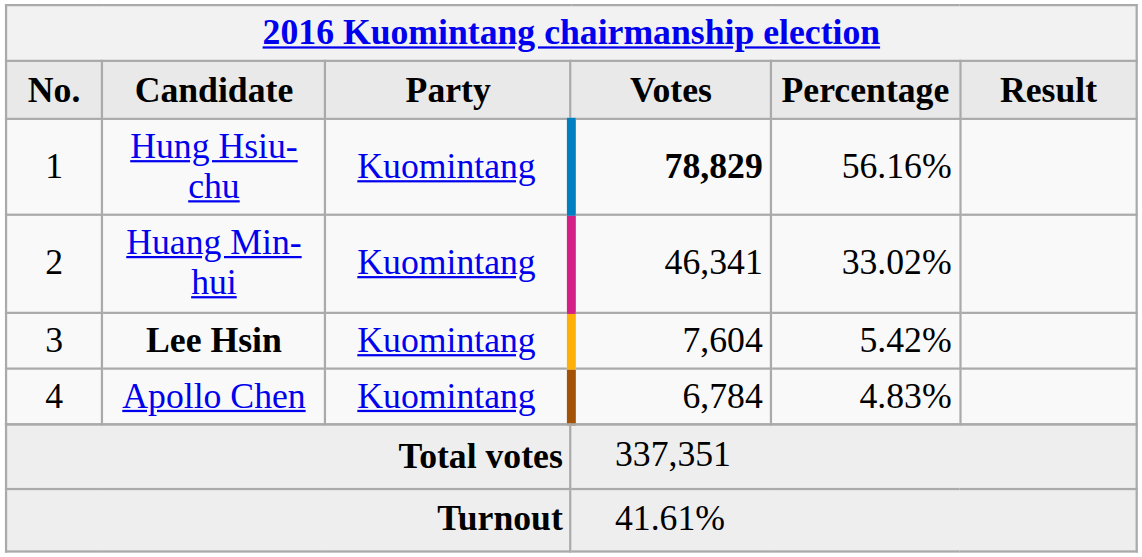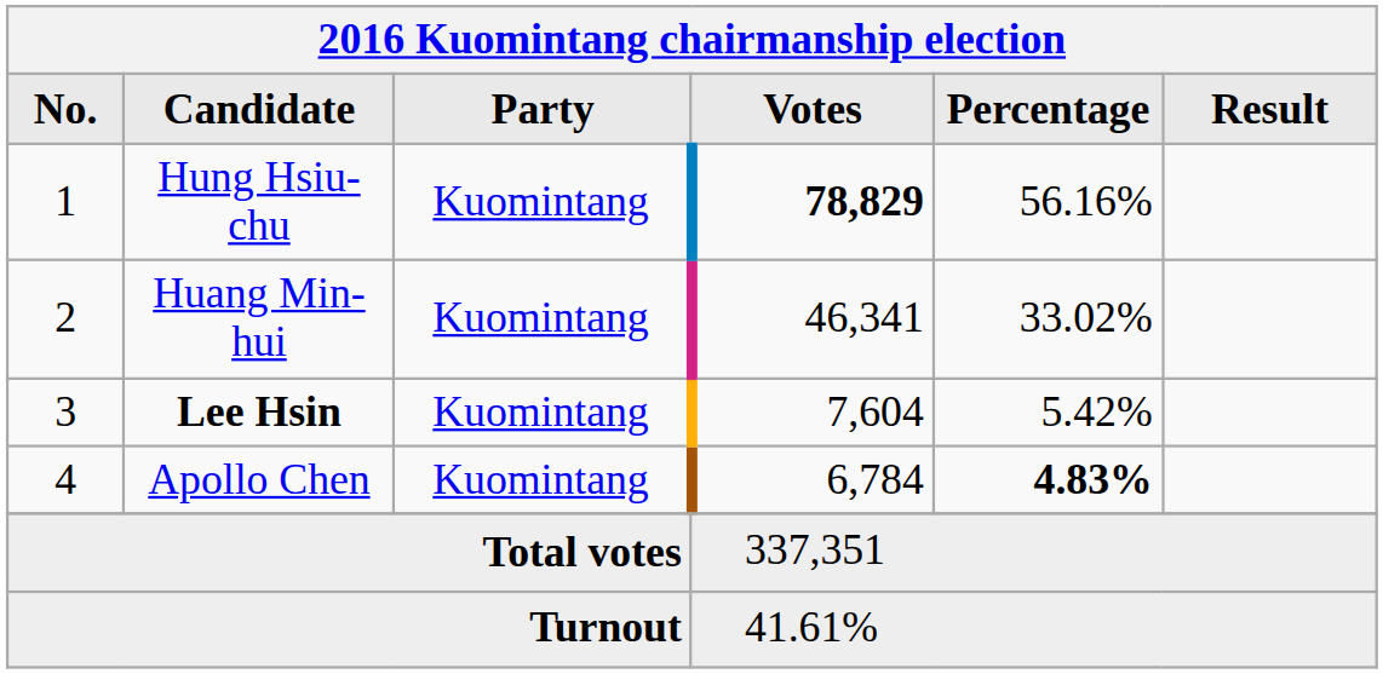 <table class="wikitable sortable" style="margin:1em auto; text-align:center">
 <tr>
 <th colspan="7" width=500px><a href='#'>2016 Kuomintang chairmanship election</a></th>
 </tr>
 <tr>
 <th style="background-color:#E9E9E9;text-align:center;" width="35">No.</th>
 <th style="background-color:#E9E9E9;text-align:center;" width="90">Candidate</th>
 <th style="background-color:#E9E9E9;text-align:center;" width="100">Party</th>
 <th style="background-color:#E9E9E9;text-align:center;" width="80">Votes</th>
 <th style="background-color:#E9E9E9;text-align:center;" width="70">Percentage</th>
 <th style="background-color:#E9E9E9;text-align:center;" width="70">Result</th>
 </tr>
 <tr>
 <td>1</td>
 <td style="text-align:center;"><a href='#'>Hung Hsiu-chu</a></td>
 <td><a href='#'>Kuomintang</a></td>
 <td style="border-left:4px solid #0080C0;" align="right"><strong>78,829</strong></td>
 <td align="right">56.16%</td>
 <td align="center"></td>
 </tr>
 <tr>
 <td>2</td>
 <td style="text-align:center;"><a href='#'>Huang Min-hui</a></td>
 <td><a href='#'>Kuomintang</a></td>
 <td style="border-left:4px solid #D42187;" align="right">46,341</td>
 <td align="right">33.02%</td>
 <td align="center"></td>
 </tr>
 <tr>
 <td>3</td>
 <td style="text-align:center;"><strong>Lee Hsin</strong></td>
 <td><a href='#'>Kuomintang</a></td>
 <td style="border-left:4px solid #FEB008;" align="right">7,604</td>
 <td align="right">5.42%</td>
 <td align="center"></td>
 </tr>
 <tr>
 <td>4</td>
 <td style="text-align:center;"><a href='#'>Apollo Chen</a></td>
 <td><a href='#'>Kuomintang</a></td>
 <td style="border-left:4px solid #A25306;" align="right">6,784</td>
-<td align="right">4.83%</td>
+<td align="right"><strong>4.83%</strong></td>
 <td align="center"></td>
 </tr>
 <tr>
 </tr>
 <tr>
 </tr>
 <tr bgcolor=EEEEEE class="sortbottom">
 <td colspan="3" style="text-align: right"><strong>Total votes</strong></td>
 <td colspan="3" align="left">　337,351</td>
 </tr>
 <tr bgcolor=EEEEEE class="sortbottom">
 <td colspan="3" style="text-align: right"><strong>Turnout</strong></td>
 <td colspan="3" align="left">　41.61%</td>
 </tr>
 </table>
